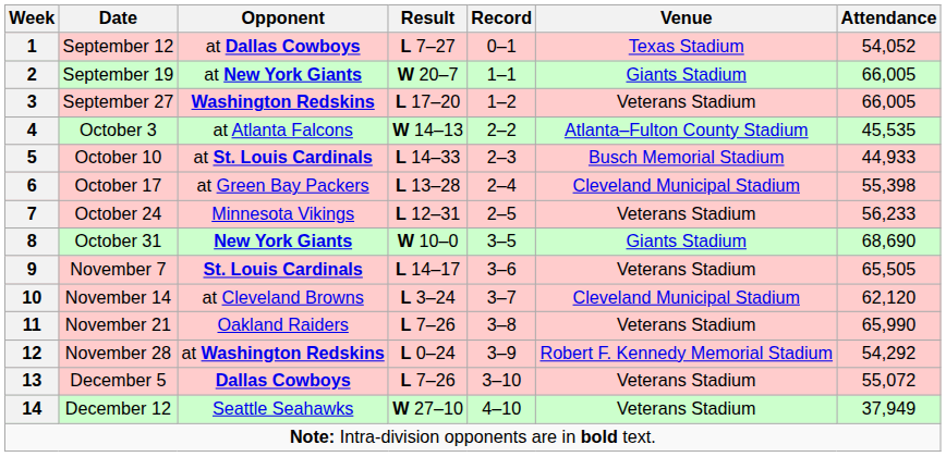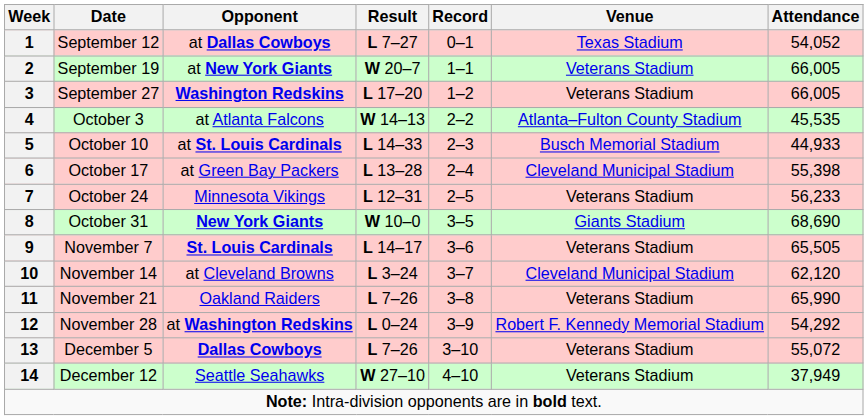 <table class="wikitable" style="text-align:center">
 <tr>
 <th>Week</th>
 <th>Date</th>
 <th>Opponent</th>
 <th>Result</th>
 <th>Record</th>
 <th>Venue</th>
 <th>Attendance</th>
 </tr>
 <tr style="background:#fcc">
 <th>1</th>
 <td>September 12</td>
 <td>at <strong><a href='#'>Dallas Cowboys</a></strong></td>
 <td><strong>L</strong> 7–27</td>
 <td>0–1</td>
 <td><a href='#'>Texas Stadium</a></td>
 <td>54,052</td>
 </tr>
 <tr style="background:#cfc">
 <th>2</th>
 <td>September 19</td>
 <td>at <strong><a href='#'>New York Giants</a></strong></td>
 <td><strong>W</strong> 20–7</td>
 <td>1–1</td>
-<td><a href='#'>Giants Stadium</a></td>
+<td><a href='#'>Veterans Stadium</a></td>
 <td>66,005</td>
 </tr>
 <tr style="background:#fcc">
 <th>3</th>
 <td>September 27</td>
 <td><strong><a href='#'>Washington Redskins</a></strong></td>
 <td><strong>L</strong> 17–20 </td>
 <td>1–2</td>
 <td>Veterans Stadium</td>
 <td>66,005</td>
 </tr>
 <tr style="background:#cfc">
 <th>4</th>
 <td>October 3</td>
 <td>at <a href='#'>Atlanta Falcons</a></td>
 <td><strong>W</strong> 14–13</td>
 <td>2–2</td>
 <td><a href='#'>Atlanta–Fulton County Stadium</a></td>
 <td>45,535</td>
 </tr>
 <tr style="background:#fcc">
 <th>5</th>
 <td>October 10</td>
 <td>at <strong><a href='#'>St. Louis Cardinals</a></strong></td>
 <td><strong>L</strong> 14–33</td>
 <td>2–3</td>
 <td><a href='#'>Busch Memorial Stadium</a></td>
 <td>44,933</td>
 </tr>
 <tr style="background:#fcc">
 <th>6</th>
 <td>October 17</td>
 <td>at <a href='#'>Green Bay Packers</a></td>
 <td><strong>L</strong> 13–28</td>
 <td>2–4</td>
 <td><a href='#'>Cleveland Municipal Stadium</a></td>
 <td>55,398</td>
 </tr>
 <tr style="background:#fcc">
 <th>7</th>
 <td>October 24</td>
 <td><a href='#'>Minnesota Vikings</a></td>
 <td><strong>L</strong> 12–31</td>
 <td>2–5</td>
 <td>Veterans Stadium</td>
 <td>56,233</td>
 </tr>
 <tr style="background:#cfc">
 <th>8</th>
 <td>October 31</td>
 <td><strong><a href='#'>New York Giants</a></strong></td>
 <td><strong>W</strong> 10–0</td>
 <td>3–5</td>
 <td><a href='#'>Giants Stadium</a></td>
 <td>68,690</td>
 </tr>
 <tr style="background:#fcc">
 <th>9</th>
 <td>November 7</td>
 <td><strong><a href='#'>St. Louis Cardinals</a></strong></td>
 <td><strong>L</strong> 14–17</td>
 <td>3–6</td>
 <td>Veterans Stadium</td>
 <td>65,505</td>
 </tr>
 <tr style="background: #fcc">
 <th>10</th>
 <td>November 14</td>
 <td>at <a href='#'>Cleveland Browns</a></td>
 <td><strong>L</strong> 3–24</td>
 <td>3–7</td>
 <td><a href='#'>Cleveland Municipal Stadium</a></td>
 <td>62,120</td>
 </tr>
 <tr style="background: #fcc">
 <th>11</th>
 <td>November 21</td>
 <td><a href='#'>Oakland Raiders</a></td>
 <td><strong>L</strong> 7–26</td>
 <td>3–8</td>
 <td>Veterans Stadium</td>
 <td>65,990</td>
 </tr>
 <tr style="background: #fcc">
 <th>12</th>
 <td>November 28</td>
 <td>at <strong><a href='#'>Washington Redskins</a></strong></td>
 <td><strong>L</strong> 0–24</td>
 <td>3–9</td>
 <td><a href='#'>Robert F. Kennedy Memorial Stadium</a></td>
 <td>54,292</td>
 </tr>
 <tr style="background: #fcc">
 <th>13</th>
 <td>December 5</td>
 <td><strong><a href='#'>Dallas Cowboys</a></strong></td>
 <td><strong>L</strong> 7–26</td>
 <td>3–10</td>
 <td>Veterans Stadium</td>
 <td>55,072</td>
 </tr>
 <tr style="background: #cfc">
 <th>14</th>
 <td>December 12</td>
 <td><a href='#'>Seattle Seahawks</a></td>
 <td><strong>W</strong> 27–10</td>
 <td>4–10</td>
 <td>Veterans Stadium</td>
 <td>37,949</td>
 </tr>
 <tr>
 <td colspan="8"><strong>Note:</strong> Intra-division opponents are in <strong>bold</strong> text.</td>
 </tr>
 </table>
